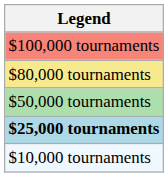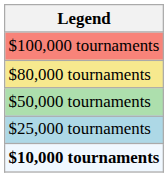 <table class=wikitable style="font-size:85%">
 <tr>
 <th>Legend</th>
 </tr>
 <tr style="background:#f88379;">
 <td>$100,000 tournaments</td>
 </tr>
 <tr style="background:#f7e98e;">
 <td>$80,000 tournaments</td>
 </tr>
 <tr style="background:#addfad;">
 <td>$50,000 tournaments</td>
 </tr>
 <tr style="background:lightblue;">
-<td><strong>$25,000 tournaments</strong></td>
+<td>$25,000 tournaments</td>
 </tr>
 <tr style="background:#f0f8ff;">
-<td>$10,000 tournaments</td>
+<td><strong>$10,000 tournaments</strong></td>
 </tr>
 </table>
